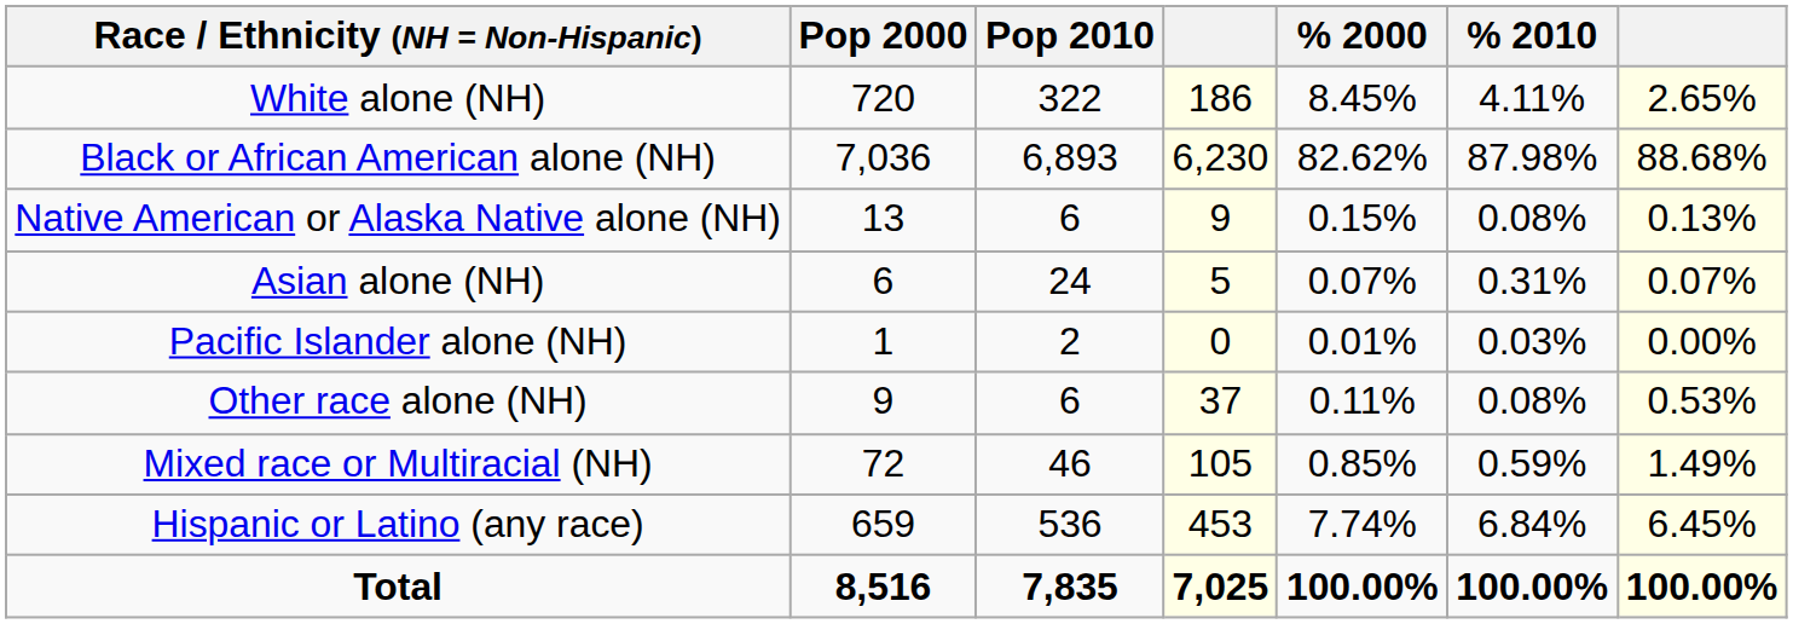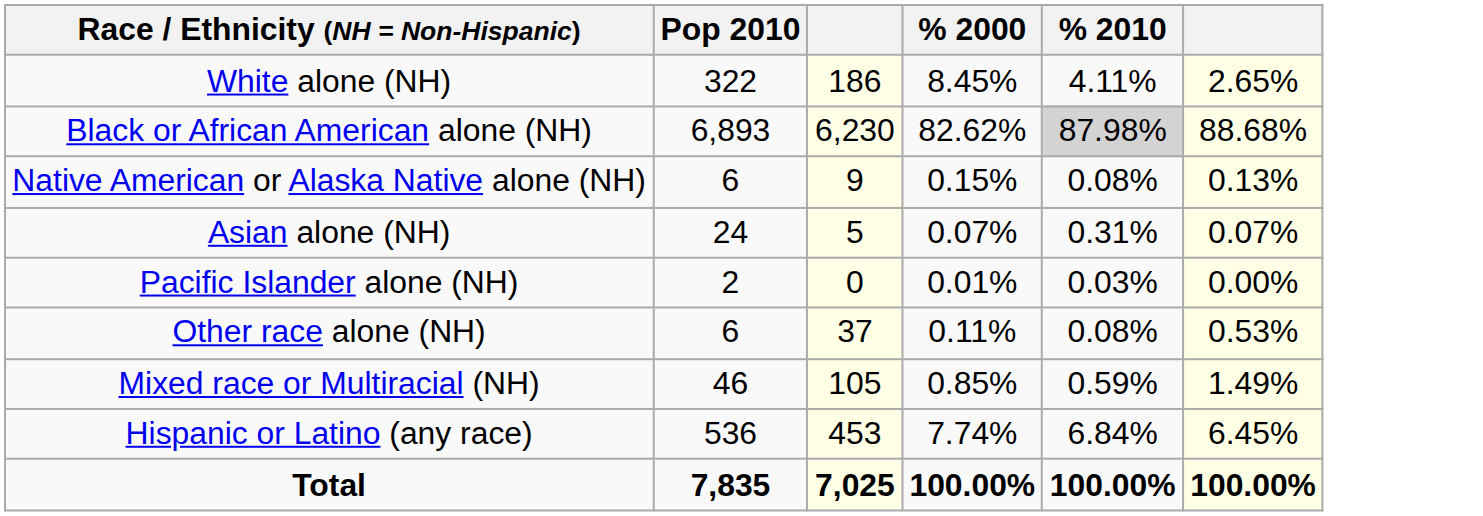 <table class="wikitable" style="text-align:center;">
 <tr>
 <th>Race / Ethnicity <small>(<em>NH = Non-Hispanic</em>)</small></th>
-<th>Pop 2000</th>
 <th>Pop 2010</th>
 <th></th>
 <th>% 2000</th>
 <th>% 2010</th>
 <th></th>
 </tr>
 <tr>
 <td><a href='#'>White</a> alone (NH)</td>
-<td>720</td>
 <td>322</td>
 <td style='background: #ffffe6;'>186</td>
 <td>8.45%</td>
 <td>4.11%</td>
 <td style='background: #ffffe6;'>2.65%</td>
 </tr>
 <tr>
 <td><a href='#'>Black or African American</a> alone (NH)</td>
-<td>7,036</td>
 <td>6,893</td>
 <td style='background: #ffffe6;'>6,230</td>
 <td>82.62%</td>
-<td>87.98%</td>
+<td style="background: lightgrey;">87.98%</td>
 <td style='background: #ffffe6;'>88.68%</td>
 </tr>
 <tr>
 <td><a href='#'>Native American</a> or <a href='#'>Alaska Native</a> alone (NH)</td>
-<td>13</td>
 <td>6</td>
 <td style='background: #ffffe6;'>9</td>
 <td>0.15%</td>
 <td>0.08%</td>
 <td style='background: #ffffe6;'>0.13%</td>
 </tr>
 <tr>
 <td><a href='#'>Asian</a> alone (NH)</td>
-<td>6</td>
 <td>24</td>
 <td style='background: #ffffe6;'>5</td>
 <td>0.07%</td>
 <td>0.31%</td>
 <td style='background: #ffffe6;'>0.07%</td>
 </tr>
 <tr>
 <td><a href='#'>Pacific Islander</a> alone (NH)</td>
-<td>1</td>
 <td>2</td>
 <td style='background: #ffffe6;'>0</td>
 <td>0.01%</td>
 <td>0.03%</td>
 <td style='background: #ffffe6;'>0.00%</td>
 </tr>
 <tr>
 <td><a href='#'>Other race</a> alone (NH)</td>
-<td>9</td>
 <td>6</td>
 <td style='background: #ffffe6;'>37</td>
 <td>0.11%</td>
 <td>0.08%</td>
 <td style='background: #ffffe6;'>0.53%</td>
 </tr>
 <tr>
 <td><a href='#'>Mixed race or Multiracial</a> (NH)</td>
-<td>72</td>
 <td>46</td>
 <td style='background: #ffffe6;'>105</td>
 <td>0.85%</td>
 <td>0.59%</td>
 <td style='background: #ffffe6;'>1.49%</td>
 </tr>
 <tr>
 <td><a href='#'>Hispanic or Latino</a> (any race)</td>
-<td>659</td>
 <td>536</td>
 <td style='background: #ffffe6;'>453</td>
 <td>7.74%</td>
 <td>6.84%</td>
 <td style='background: #ffffe6;'>6.45%</td>
 </tr>
 <tr>
 <td><strong>Total</strong></td>
-<td><strong>8,516</strong></td>
 <td><strong>7,835</strong></td>
 <td style='background: #ffffe6;'><strong>7,025</strong></td>
 <td><strong>100.00%</strong></td>
 <td><strong>100.00%</strong></td>
 <td style='background: #ffffe6;'><strong>100.00%</strong></td>
 </tr>
 </table>
